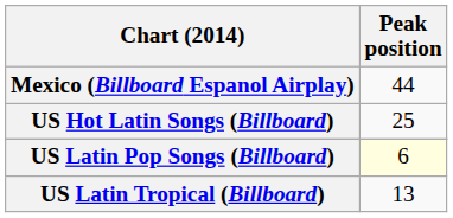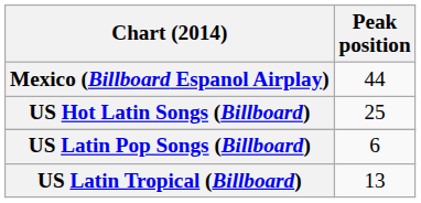 <table class="wikitable sortable plainrowheaders">
 <tr>
 <th>Chart (2014)</th>
 <th>Peak<br>position</th>
 </tr>
 <tr>
 <th scope="row">Mexico (<a href='#'><em>Billboard</em> Espanol Airplay</a>)</th>
 <td style="text-align:center;">44</td>
 </tr>
 <tr>
 <th scope="row">US <a href='#'>Hot Latin Songs</a> (<em><a href='#'>Billboard</a></em>)</th>
 <td style="text-align:center;">25</td>
 </tr>
 <tr>
 </tr>
 <tr>
 <th scope="row">US <a href='#'>Latin Pop Songs</a> (<em><a href='#'>Billboard</a></em>)</th>
-<td style="background: lightyellow; text-align:center;">6</td>
+<td style="text-align:center;">6</td>
 </tr>
 <tr>
 <th scope="row">US <a href='#'>Latin Tropical</a> (<em><a href='#'>Billboard</a></em>)</th>
 <td style="text-align:center;">13</td>
 </tr>
 </table>
